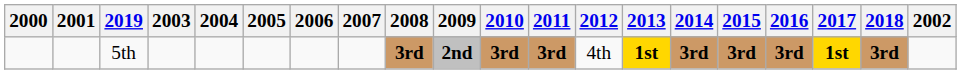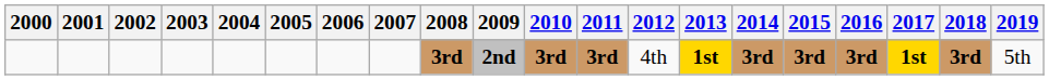 <table class=wikitable style="text-align:center; font-size:90%">
 <tr>
 <th>2000</th>
 <th>2001</th>
-<th><a href='#'>2019</a></th>
+<th>2002</th>
 <th>2003</th>
 <th>2004</th>
 <th>2005</th>
 <th>2006</th>
 <th>2007</th>
 <th>2008</th>
 <th>2009</th>
 <th><a href='#'>2010</a></th>
 <th><a href='#'>2011</a></th>
 <th><a href='#'>2012</a></th>
 <th><a href='#'>2013</a></th>
 <th><a href='#'>2014</a></th>
 <th><a href='#'>2015</a></th>
 <th><a href='#'>2016</a></th>
 <th><a href='#'>2017</a></th>
 <th><a href='#'>2018</a></th>
-<th>2002</th>
+<th><a href='#'>2019</a></th>
 </tr>
 <tr>
 <td></td>
 <td></td>
-<td>5th</td>
+<td></td>
 <td></td>
 <td></td>
 <td></td>
 <td></td>
 <td></td>
 <td bgcolor=#cc9966><strong>3rd</strong></td>
 <td bgcolor=silver><strong>2nd</strong></td>
 <td bgcolor=#cc9966><strong>3rd</strong></td>
 <td bgcolor=#cc9966><strong>3rd</strong></td>
 <td>4th</td>
 <td bgcolor=gold><strong>1st</strong></td>
 <td bgcolor=#cc9966><strong>3rd</strong></td>
 <td bgcolor=#cc9966><strong>3rd</strong></td>
 <td bgcolor=#cc9966><strong>3rd</strong></td>
 <td bgcolor=gold><strong>1st</strong></td>
 <td bgcolor=#cc9966><strong>3rd</strong></td>
-<td></td>
+<td>5th</td>
 </tr>
 </table>
